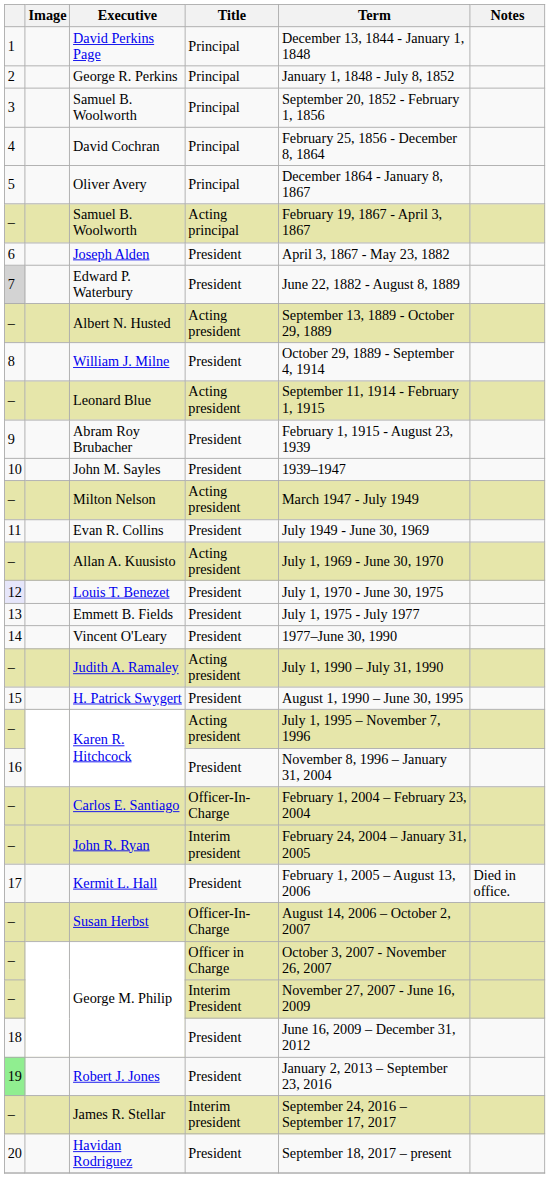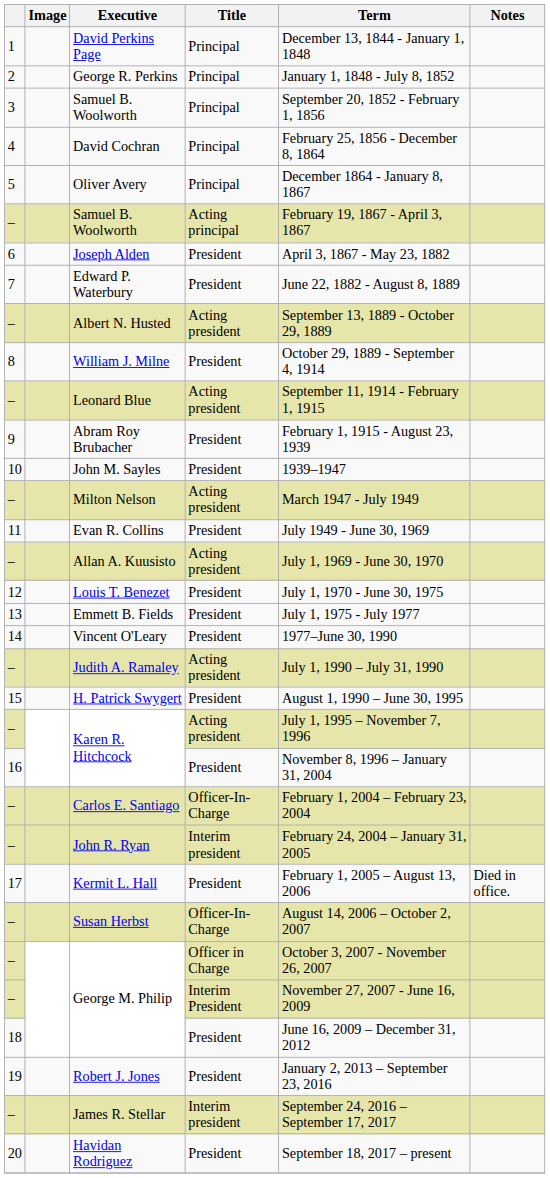 <table class="wikitable">
 <tr>
 <th></th>
 <th>Image</th>
 <th>Executive</th>
 <th>Title</th>
 <th>Term</th>
 <th>Notes</th>
 </tr>
 <tr>
 <td>1</td>
 <td></td>
 <td><a href='#'>David Perkins Page</a></td>
 <td>Principal</td>
 <td>December 13, 1844 - January 1, 1848</td>
 <td></td>
 </tr>
 <tr>
 <td>2</td>
 <td></td>
 <td>George R. Perkins</td>
 <td>Principal</td>
 <td>January 1, 1848 - July 8, 1852</td>
 <td></td>
 </tr>
 <tr>
 <td>3</td>
 <td></td>
 <td>Samuel B. Woolworth</td>
 <td>Principal</td>
 <td>September 20, 1852 - February 1, 1856</td>
 <td></td>
 </tr>
 <tr>
 <td>4</td>
 <td></td>
 <td>David Cochran</td>
 <td>Principal</td>
 <td>February 25, 1856 - December 8, 1864</td>
 <td></td>
 </tr>
 <tr>
 <td>5</td>
 <td></td>
 <td>Oliver Avery</td>
 <td>Principal</td>
 <td>December 1864 - January 8, 1867</td>
 <td></td>
 </tr>
 <tr bgcolor="#e6e6aa">
 <td>–</td>
 <td></td>
 <td>Samuel B. Woolworth</td>
 <td>Acting principal</td>
 <td>February 19, 1867 - April 3, 1867</td>
 <td></td>
 </tr>
 <tr>
 <td>6</td>
 <td></td>
 <td><a href='#'>Joseph Alden</a></td>
 <td>President</td>
 <td>April 3, 1867 - May 23, 1882</td>
 <td></td>
 </tr>
 <tr>
-<td style="background: lightgrey;">7</td>
+<td>7</td>
 <td></td>
 <td>Edward P. Waterbury</td>
 <td>President</td>
 <td>June 22, 1882 - August 8, 1889</td>
 <td></td>
 </tr>
 <tr bgcolor="#e6e6aa">
 <td>–</td>
 <td></td>
 <td>Albert N. Husted</td>
 <td>Acting president</td>
 <td>September 13, 1889 - October 29, 1889</td>
 <td></td>
 </tr>
 <tr>
 <td>8</td>
 <td></td>
 <td><a href='#'>William J. Milne</a></td>
 <td>President</td>
 <td>October 29, 1889 - September 4, 1914</td>
 <td></td>
 </tr>
 <tr bgcolor="#e6e6aa">
 <td>–</td>
 <td></td>
 <td>Leonard Blue</td>
 <td>Acting president</td>
 <td>September 11, 1914 - February 1, 1915</td>
 <td></td>
 </tr>
 <tr>
 <td>9</td>
 <td></td>
 <td>Abram Roy Brubacher</td>
 <td>President</td>
 <td>February 1, 1915 - August 23, 1939</td>
 <td></td>
 </tr>
 <tr>
 <td>10</td>
 <td></td>
 <td>John M. Sayles</td>
 <td>President</td>
 <td>1939–1947</td>
 <td></td>
 </tr>
 <tr bgcolor="#e6e6aa">
 <td>–</td>
 <td></td>
 <td>Milton Nelson</td>
 <td>Acting president</td>
 <td>March 1947 - July 1949</td>
 <td></td>
 </tr>
 <tr>
 <td>11</td>
 <td></td>
 <td>Evan R. Collins</td>
 <td>President</td>
 <td>July 1949 - June 30, 1969</td>
 <td></td>
 </tr>
 <tr bgcolor="#e6e6aa">
 <td>–</td>
 <td></td>
 <td>Allan A. Kuusisto</td>
 <td>Acting president</td>
 <td>July 1, 1969 - June 30, 1970</td>
 <td></td>
 </tr>
 <tr>
-<td style="background: lavender;">12</td>
+<td>12</td>
 <td></td>
 <td><a href='#'>Louis T. Benezet</a></td>
 <td>President</td>
 <td>July 1, 1970 - June 30, 1975</td>
 <td></td>
 </tr>
 <tr>
 <td>13</td>
 <td></td>
 <td>Emmett B. Fields</td>
 <td>President</td>
 <td>July 1, 1975 - July 1977</td>
 <td></td>
 </tr>
 <tr>
 <td>14</td>
 <td></td>
 <td>Vincent O'Leary</td>
 <td>President</td>
 <td>1977–June 30, 1990</td>
 <td></td>
 </tr>
 <tr bgcolor="#e6e6aa">
 <td>–</td>
 <td></td>
 <td><a href='#'>Judith A. Ramaley</a></td>
 <td>Acting president</td>
 <td>July 1, 1990 – July 31, 1990</td>
 <td></td>
 </tr>
 <tr>
 <td>15</td>
 <td></td>
 <td><a href='#'>H. Patrick Swygert</a></td>
 <td>President</td>
 <td>August 1, 1990 – June 30, 1995</td>
 <td></td>
 </tr>
 <tr bgcolor="#e6e6aa">
 <td>–</td>
 <td rowspan="2" bgcolor="#ffffff"></td>
 <td rowspan="2" bgcolor="#ffffff"><a href='#'>Karen R. Hitchcock</a></td>
 <td>Acting president</td>
 <td>July 1, 1995 – November 7, 1996</td>
 <td></td>
 </tr>
 <tr>
 <td>16</td>
 <td>President</td>
 <td>November 8, 1996 – January 31, 2004</td>
 <td></td>
 </tr>
 <tr bgcolor="#e6e6aa">
 <td>–</td>
 <td></td>
 <td><a href='#'>Carlos E. Santiago</a></td>
 <td>Officer-In-Charge</td>
 <td>February 1, 2004 – February 23, 2004</td>
 <td></td>
 </tr>
 <tr bgcolor="#e6e6aa">
 <td>–</td>
 <td></td>
 <td><a href='#'>John R. Ryan</a></td>
 <td>Interim president</td>
 <td>February 24, 2004 – January 31, 2005</td>
 <td></td>
 </tr>
 <tr>
 <td>17</td>
 <td></td>
 <td><a href='#'>Kermit L. Hall</a></td>
 <td>President</td>
 <td>February 1, 2005 – August 13, 2006</td>
 <td> Died in office.</td>
 </tr>
 <tr bgcolor="#e6e6aa">
 <td>–</td>
 <td></td>
 <td><a href='#'>Susan Herbst</a></td>
 <td>Officer-In-Charge</td>
 <td>August 14, 2006 – October 2, 2007</td>
 <td></td>
 </tr>
 <tr bgcolor="#e6e6aa">
 <td>–</td>
 <td rowspan="3" bgcolor="#ffffff"></td>
 <td rowspan="3" bgcolor="#ffffff">George M. Philip</td>
 <td>Officer in Charge</td>
 <td>October 3, 2007 - November 26, 2007</td>
 <td></td>
 </tr>
 <tr bgcolor="#e6e6aa">
 <td>–</td>
 <td>Interim President</td>
 <td>November 27, 2007 - June 16, 2009</td>
 <td></td>
 </tr>
 <tr>
 <td>18</td>
 <td>President</td>
 <td>June 16, 2009 – December 31, 2012</td>
 <td></td>
 </tr>
 <tr>
-<td style="background: lightgreen;">19</td>
+<td>19</td>
 <td></td>
 <td><a href='#'>Robert J. Jones</a></td>
 <td>President</td>
 <td>January 2, 2013 – September 23, 2016</td>
 <td></td>
 </tr>
 <tr bgcolor="#e6e6aa">
 <td>–</td>
 <td></td>
 <td>James R. Stellar</td>
 <td>Interim president</td>
 <td>September 24, 2016 – September 17, 2017</td>
 <td></td>
 </tr>
 <tr>
 <td>20</td>
 <td></td>
 <td><a href='#'>Havidan Rodriguez</a></td>
 <td>President</td>
 <td>September 18, 2017 – present</td>
 <td></td>
 </tr>
 <tr>
 </tr>
 </table>
